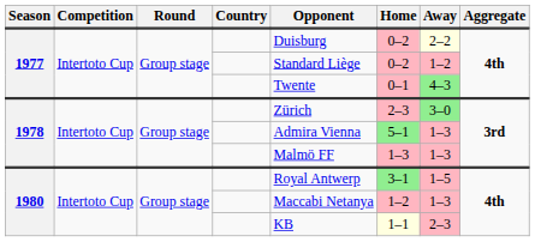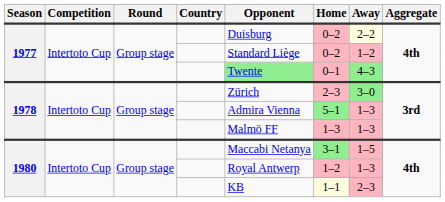 <table class="wikitable" style="text-align:center;">
 <tr>
 <th>Season</th>
 <th>Competition</th>
 <th>Round</th>
 <th>Country</th>
 <th>Opponent</th>
 <th>Home</th>
 <th>Away</th>
 <th>Aggregate</th>
 </tr>
 <tr style="border-top: 3px solid #333333;">
 <th rowspan=3><a href='#'>1977</a></th>
 <td rowspan=3><a href='#'>Intertoto Cup</a></td>
 <td rowspan=3><a href='#'>Group stage</a></td>
 <td></td>
 <td align=left><a href='#'>Duisburg</a></td>
 <td bgcolor=lightpink>0–2</td>
 <td bgcolor=lightyellow>2–2</td>
 <td rowspan=3><strong>4th</strong></td>
 </tr>
 <tr>
 <td></td>
 <td align=left><a href='#'>Standard Liège</a></td>
 <td bgcolor=lightpink>0–2</td>
 <td bgcolor=lightpink>1–2</td>
 </tr>
 <tr>
 <td></td>
-<td align=left><a href='#'>Twente</a></td>
+<td align=left style="background: lightgreen;"><a href='#'>Twente</a></td>
 <td bgcolor=lightpink>0–1</td>
 <td bgcolor=lightgreen>4–3</td>
 </tr>
 <tr style="border-top: 3px solid #333333;">
 <th rowspan=3><a href='#'>1978</a></th>
 <td rowspan=3><a href='#'>Intertoto Cup</a></td>
 <td rowspan=3><a href='#'>Group stage</a></td>
 <td></td>
 <td align=left><a href='#'>Zürich</a></td>
 <td bgcolor=lightpink>2–3</td>
 <td bgcolor=lightgreen>3–0</td>
 <td rowspan=3><strong>3rd</strong></td>
 </tr>
 <tr>
 <td></td>
 <td align=left><a href='#'>Admira Vienna</a></td>
 <td bgcolor=lightgreen>5–1</td>
 <td bgcolor=lightpink>1–3</td>
 </tr>
 <tr>
 <td></td>
 <td align=left><a href='#'>Malmö FF</a></td>
 <td bgcolor=lightpink>1–3</td>
 <td bgcolor=lightpink>1–3</td>
 </tr>
 <tr style="border-top: 3px solid #333333;">
 <th rowspan=3><a href='#'>1980</a></th>
 <td rowspan=3><a href='#'>Intertoto Cup</a></td>
 <td rowspan=3><a href='#'>Group stage</a></td>
 <td></td>
-<td align=left><a href='#'>Royal Antwerp</a></td>
+<td align=left><a href='#'>Maccabi Netanya</a></td>
 <td bgcolor=lightgreen>3–1</td>
 <td bgcolor=lightpink>1–5</td>
 <td rowspan=3><strong>4th</strong></td>
 </tr>
 <tr>
 <td></td>
-<td align=left><a href='#'>Maccabi Netanya</a></td>
+<td align=left><a href='#'>Royal Antwerp</a></td>
 <td bgcolor=lightpink>1–2</td>
 <td bgcolor=lightpink>1–3</td>
 </tr>
 <tr>
 <td></td>
 <td align=left><a href='#'>KB</a></td>
 <td bgcolor=lightyellow>1–1</td>
 <td bgcolor=lightpink>2–3</td>
 </tr>
 </table>
